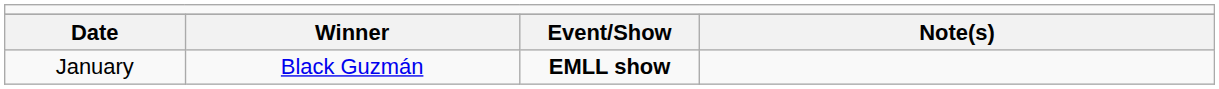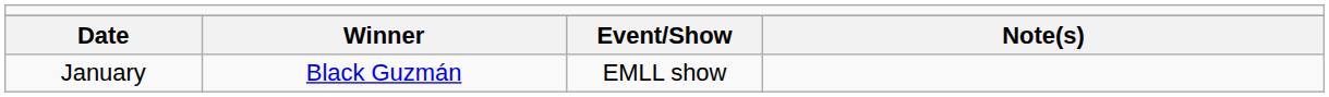 <table class="wikitable" style="text-align:center; width:100%;">
 <tr>
 <td colspan=5></td>
 </tr>
 <tr |colspan=5|>
 </tr>
 <tr>
 <th width=14%>Date</th>
 <th width=26%>Winner</th>
 <th width=14%>Event/Show</th>
 <th width=40%>Note(s)</th>
 </tr>
 <tr>
 <td>January</td>
 <td><a href='#'>Black Guzmán</a></td>
-<td><strong>EMLL show</strong></td>
+<td>EMLL show</td>
 <td align=left></td>
 </tr>
 </table>
